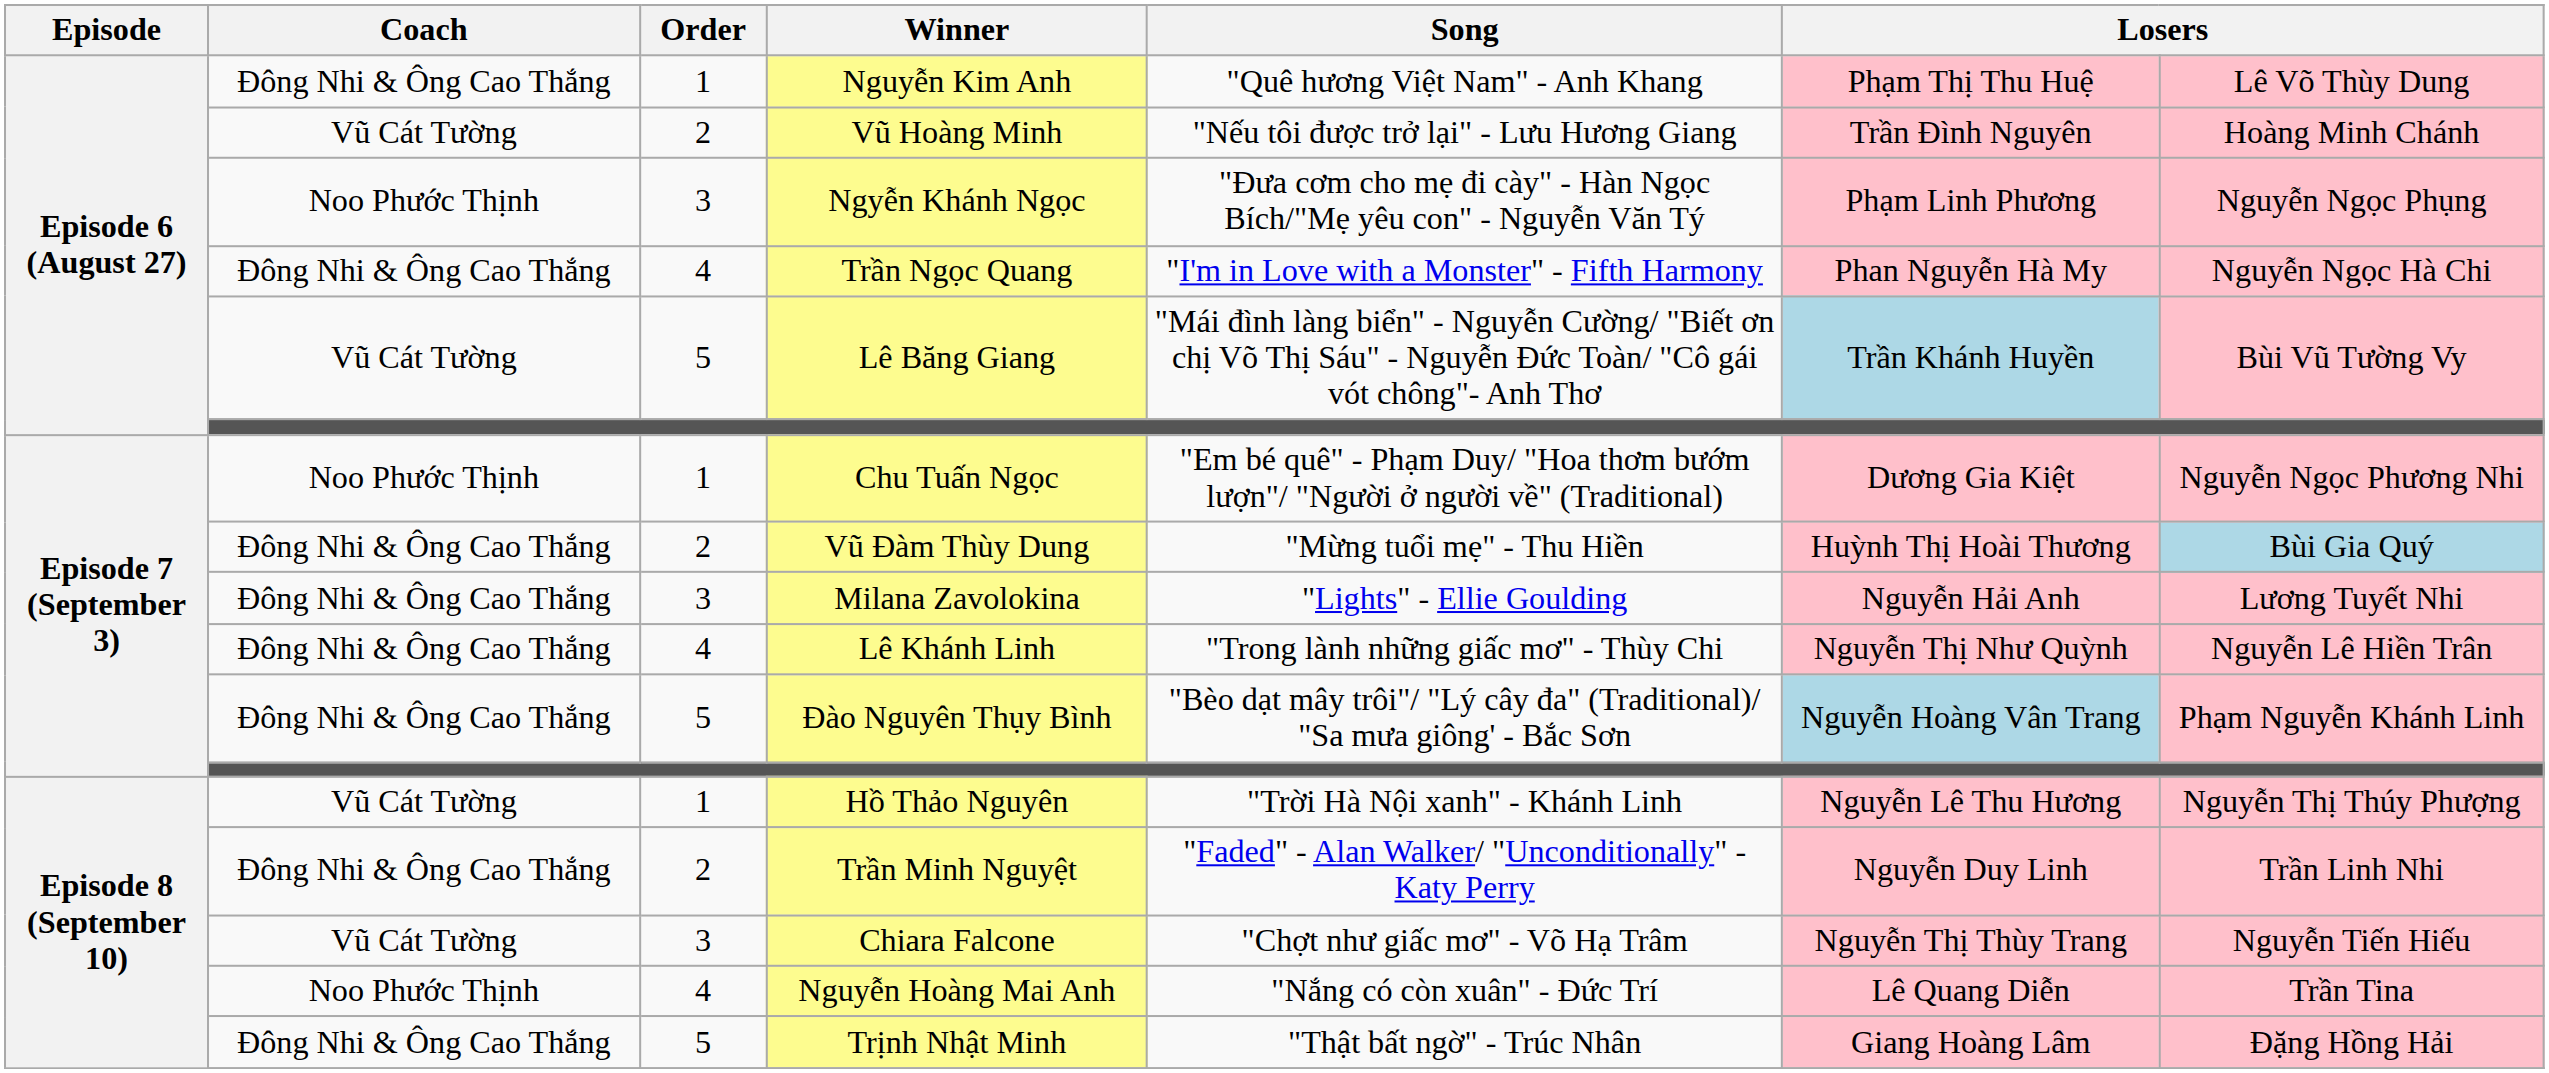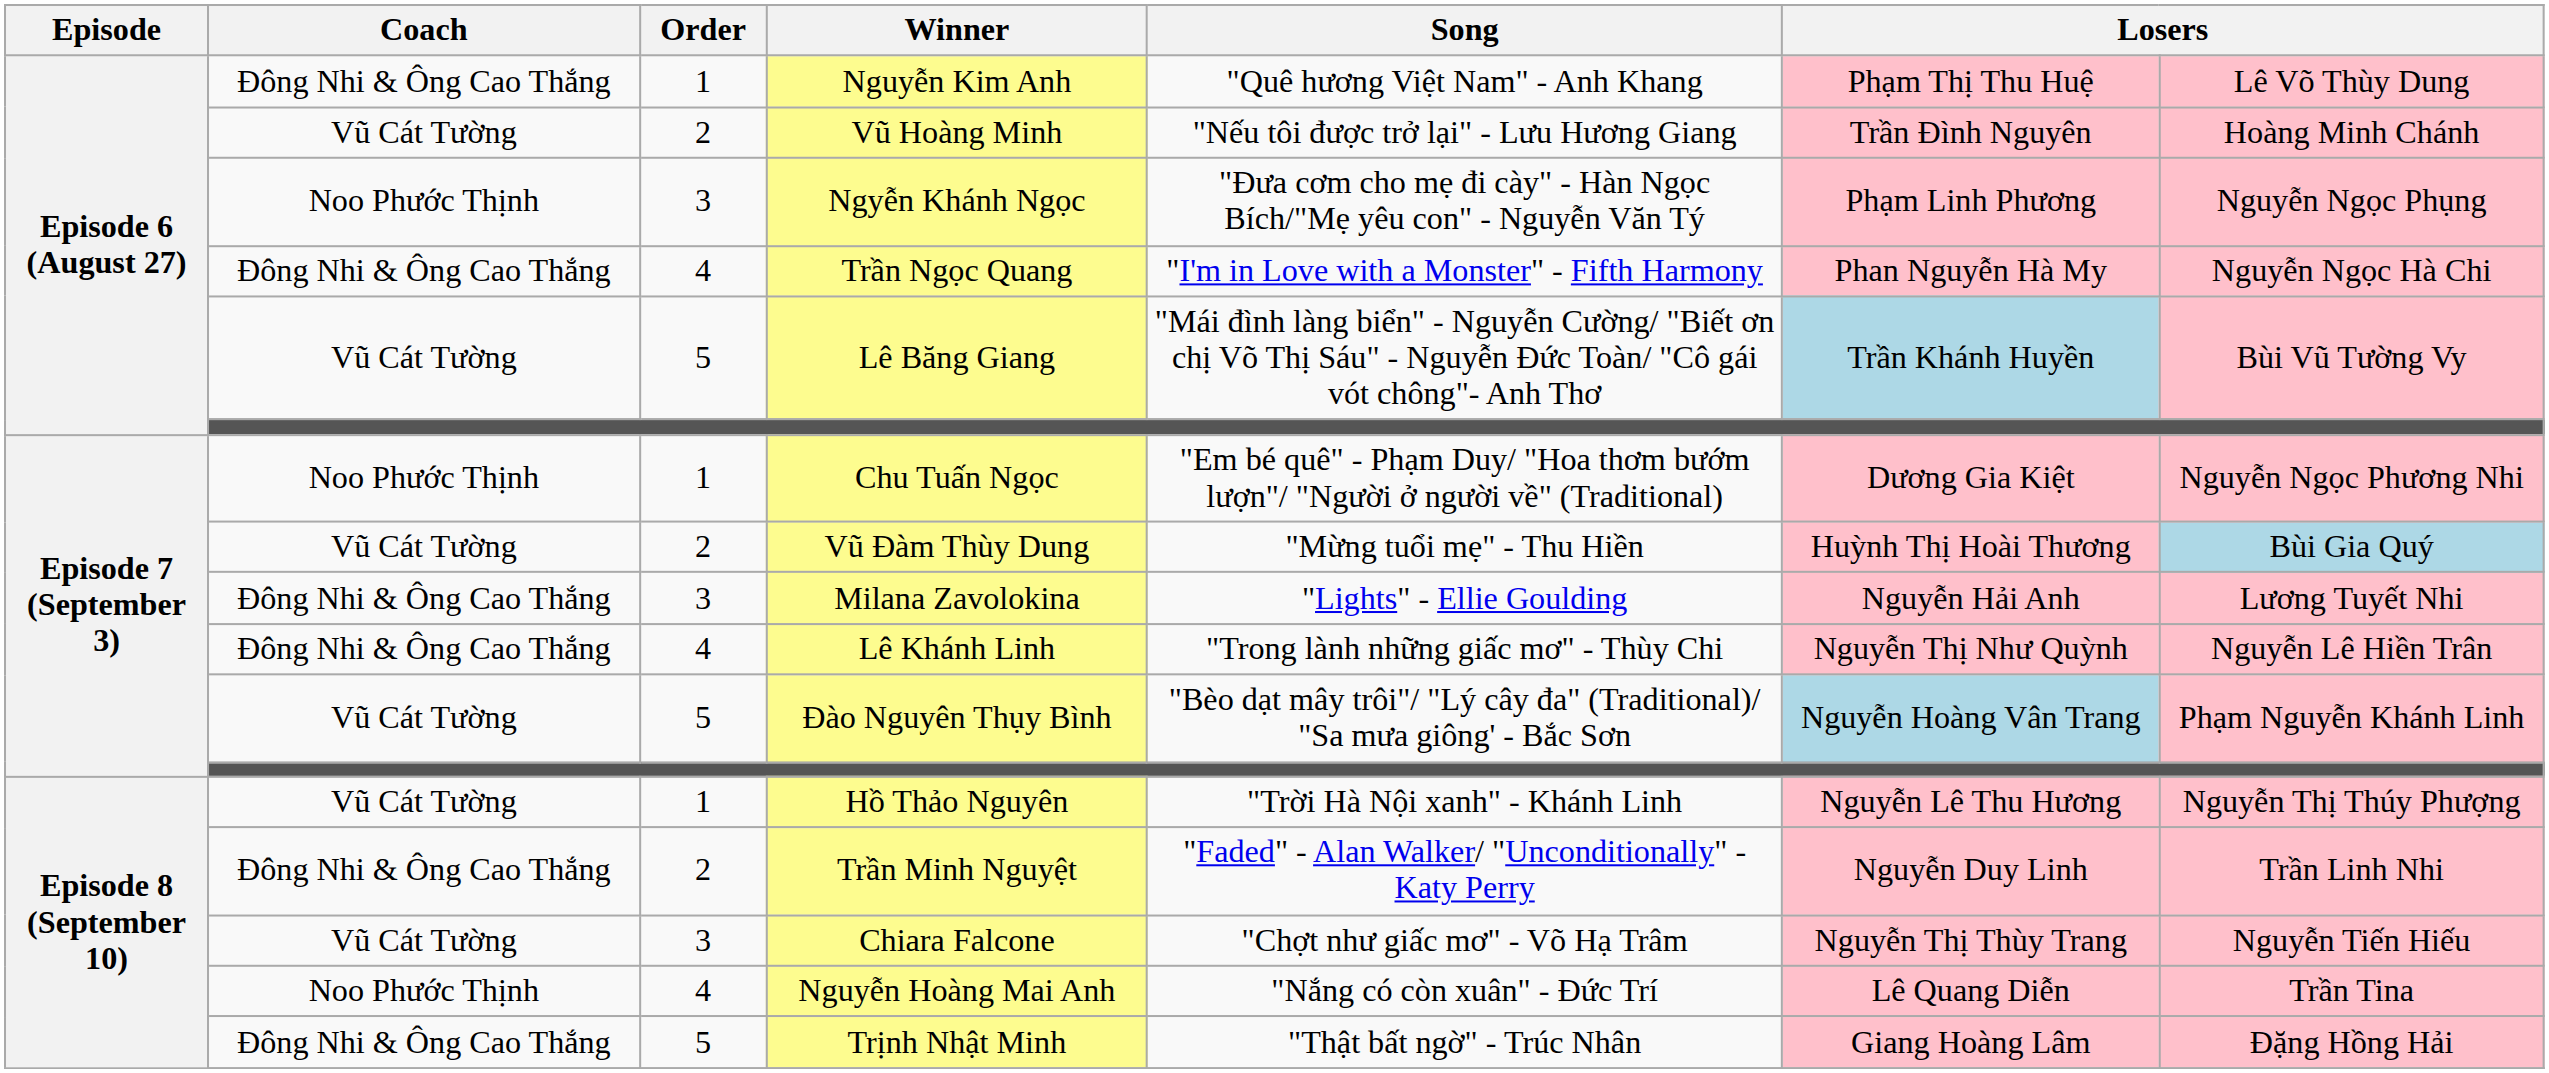 <table class="wikitable" style="text-align:center; width:100%;">
 <tr>
 <th style="width:8%;">Episode</th>
 <th style="width:17%;">Coach</th>
 <th style="width:05%;">Order</th>
 <th style="width:15%;">Winner</th>
 <th style="width:25%;">Song</th>
 <th style="width:30%;" colspan="2">Losers</th>
 </tr>
 <tr>
 <th rowspan="6">Episode 6 (August 27)</th>
 <td>Đông Nhi & Ông Cao Thắng</td>
 <td>1</td>
 <td style="background-color:#FDFC8F;">Nguyễn Kim Anh</td>
 <td>"Quê hương Việt Nam" - Anh Khang</td>
 <td style="background-color:pink;">Phạm Thị Thu Huệ</td>
 <td style="background-color:pink;">Lê Võ Thùy Dung</td>
 </tr>
 <tr>
 <td>Vũ Cát Tường</td>
 <td>2</td>
 <td style="background-color:#FDFC8F;">Vũ Hoàng Minh</td>
 <td>"Nếu tôi được trở lại" - Lưu Hương Giang</td>
 <td style="background-color:pink;">Trần Đình Nguyên</td>
 <td style="background-color:pink;">Hoàng Minh Chánh</td>
 </tr>
 <tr>
 <td>Noo Phước Thịnh</td>
 <td>3</td>
 <td style="background-color:#FDFC8F;">Ngyễn Khánh Ngọc</td>
 <td>"Đưa cơm cho mẹ đi cày" - Hàn Ngọc Bích/"Mẹ yêu con" - Nguyễn Văn Tý</td>
 <td style="background-color:pink;">Phạm Linh Phương</td>
 <td style="background-color:pink;">Nguyễn Ngọc Phụng</td>
 </tr>
 <tr>
 <td>Đông Nhi & Ông Cao Thắng</td>
 <td>4</td>
 <td style="background-color:#FDFC8F;">Trần Ngọc Quang</td>
 <td>"<a href='#'>I'm in Love with a Monster</a>" - <a href='#'>Fifth Harmony</a></td>
 <td style="background-color:pink;">Phan Nguyễn Hà My</td>
 <td style="background-color:pink;">Nguyễn Ngọc Hà Chi</td>
 </tr>
 <tr>
 <td>Vũ Cát Tường</td>
 <td>5</td>
 <td style="background-color:#FDFC8F;">Lê Băng Giang</td>
 <td>"Mái đình làng biển" - Nguyễn Cường/ "Biết ơn chị Võ Thị Sáu" - Nguyễn Đức Toàn/ "Cô gái vót chông"- Anh Thơ</td>
 <td style="background-color:lightblue;">Trần Khánh Huyền</td>
 <td style="background-color:pink;">Bùi Vũ Tường Vy</td>
 </tr>
 <tr>
 <td colspan="7" style="background:#555;"></td>
 </tr>
 <tr>
 <th rowspan="6">Episode 7 (September 3)</th>
 <td>Noo Phước Thịnh</td>
 <td>1</td>
 <td style="background-color:#FDFC8F;">Chu Tuấn Ngọc</td>
 <td>"Em bé quê" - Phạm Duy/ "Hoa thơm bướm lượn"/ "Người ở người về" (Traditional)</td>
 <td style="background-color:pink;">Dương Gia Kiệt</td>
 <td style="background-color:pink;">Nguyễn Ngọc Phương Nhi</td>
 </tr>
 <tr>
-<td>Đông Nhi & Ông Cao Thắng</td>
+<td>Vũ Cát Tường</td>
 <td>2</td>
 <td style="background-color:#FDFC8F;">Vũ Đàm Thùy Dung</td>
 <td>"Mừng tuổi mẹ" - Thu Hiền</td>
 <td style="background-color:pink;">Huỳnh Thị Hoài Thương</td>
 <td style="background-color:lightblue;">Bùi Gia Quý</td>
 </tr>
 <tr>
 <td>Đông Nhi & Ông Cao Thắng</td>
 <td>3</td>
 <td style="background-color:#FDFC8F;">Milana Zavolokina</td>
 <td>"<a href='#'>Lights</a>" - <a href='#'>Ellie Goulding</a></td>
 <td style="background-color:pink;">Nguyễn Hải Anh</td>
 <td style="background-color:pink;">Lương Tuyết Nhi</td>
 </tr>
 <tr>
 <td>Đông Nhi & Ông Cao Thắng</td>
 <td>4</td>
 <td style="background-color:#FDFC8F;">Lê Khánh Linh</td>
 <td>"Trong lành những giấc mơ" - Thùy Chi</td>
 <td style="background-color:pink;">Nguyễn Thị Như Quỳnh</td>
 <td style="background-color:pink;">Nguyễn Lê Hiền Trân</td>
 </tr>
 <tr>
-<td>Đông Nhi & Ông Cao Thắng</td>
+<td>Vũ Cát Tường</td>
 <td>5</td>
 <td style="background-color:#FDFC8F;">Đào Nguyên Thụy Bình</td>
 <td>"Bèo dạt mây trôi"/ "Lý cây đa" (Traditional)/ "Sa mưa giông' - Bắc Sơn</td>
 <td style="background-color:lightblue;">Nguyễn Hoàng Vân Trang</td>
 <td style="background-color:pink;">Phạm Nguyễn Khánh Linh</td>
 </tr>
 <tr>
 <td colspan="7" style="background:#555;"></td>
 </tr>
 <tr>
 <th rowspan="6">Episode 8 (September 10)</th>
 <td>Vũ Cát Tường</td>
 <td>1</td>
 <td style="background-color:#FDFC8F;">Hồ Thảo Nguyên</td>
 <td>"Trời Hà Nội xanh" - Khánh Linh</td>
 <td style="background-color:pink;">Nguyễn Lê Thu Hương</td>
 <td style="background-color:pink;">Nguyễn Thị Thúy Phượng</td>
 </tr>
 <tr>
 <td>Đông Nhi & Ông Cao Thắng</td>
 <td>2</td>
 <td style="background-color:#FDFC8F;">Trần Minh Nguyệt</td>
 <td>"<a href='#'>Faded</a>" - <a href='#'>Alan Walker</a>/ "<a href='#'>Unconditionally</a>"  - <a href='#'>Katy Perry</a></td>
 <td style="background-color:pink;">Nguyễn Duy Linh</td>
 <td style="background-color:pink;">Trần Linh Nhi</td>
 </tr>
 <tr>
 <td>Vũ Cát Tường</td>
 <td>3</td>
 <td style="background-color:#FDFC8F;">Chiara Falcone</td>
 <td>"Chợt như giấc mơ" - Võ Hạ Trâm</td>
 <td style="background-color:pink;">Nguyễn Thị Thùy Trang</td>
 <td style="background-color:pink;">Nguyễn Tiến Hiếu</td>
 </tr>
 <tr>
 <td>Noo Phước Thịnh</td>
 <td>4</td>
 <td style="background-color:#FDFC8F;">Nguyễn Hoàng Mai Anh</td>
 <td>"Nắng có còn xuân" - Đức Trí</td>
 <td style="background-color:pink;">Lê Quang Diễn</td>
 <td style="background-color:pink;">Trần Tina</td>
 </tr>
 <tr>
 <td>Đông Nhi & Ông Cao Thắng</td>
 <td>5</td>
 <td style="background-color:#FDFC8F;">Trịnh Nhật Minh</td>
 <td>"Thật bất ngờ" - Trúc Nhân</td>
 <td style="background-color:pink;">Giang Hoàng Lâm</td>
 <td style="background-color:pink;">Đặng Hồng Hải</td>
 </tr>
 <tr>
 </tr>
 </table>
